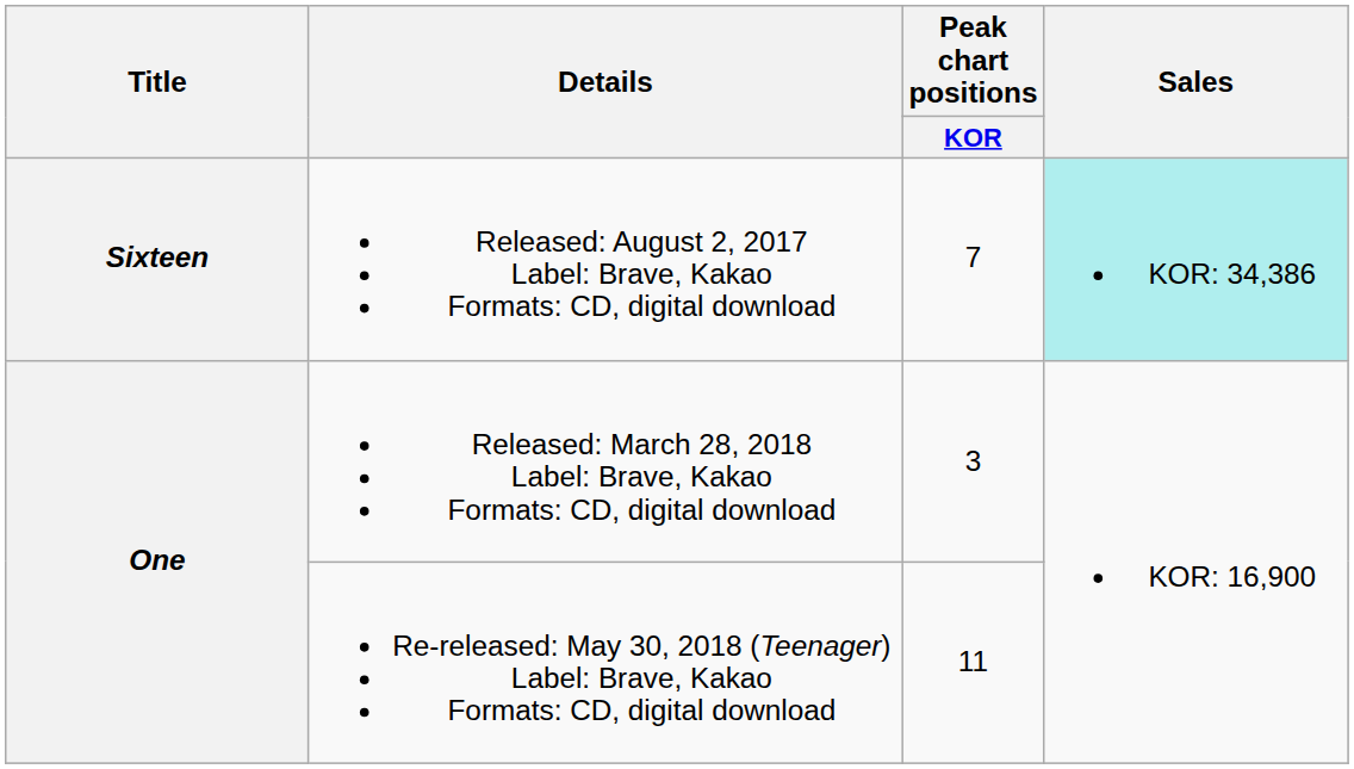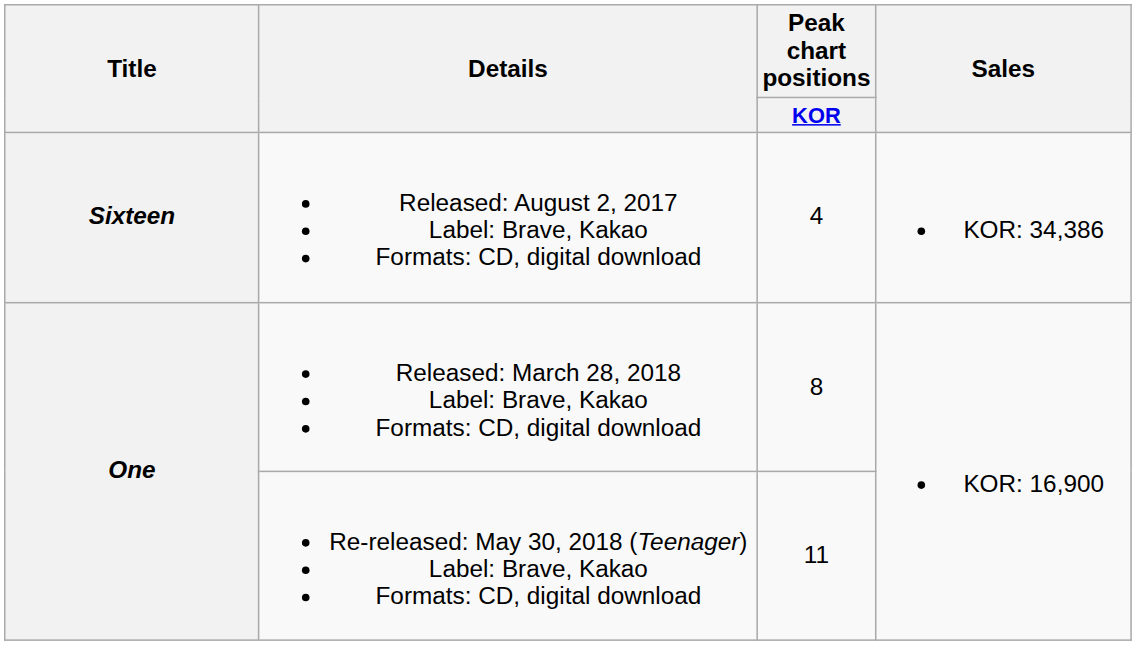 <table class="wikitable plainrowheaders" style="text-align:center">
 <tr>
 <th scope="col" rowspan="2" style="width:10em">Title</th>
 <th scope="col" rowspan="2" style="width:20em">Details</th>
 <th scope="col" colspan="1">Peak chart positions</th>
 <th scope="col" rowspan="2" style="width:10em">Sales</th>
 </tr>
 <tr>
 <th scope="col" style="width:3em;font-size:90%"><a href='#'>KOR</a><br></th>
 </tr>
 <tr>
 <th scope="row"><em>Sixteen</em></th>
 <td><br><ul><li>Released: August 2, 2017</li><li>Label: Brave, Kakao</li><li>Formats: CD, digital download</li></ul></td>
-<td>7</td>
-<td style="background: paleturquoise;"><br><ul><li>KOR: 34,386</li></ul></td>
+<td>4</td>
+<td><br><ul><li>KOR: 34,386</li></ul></td>
 </tr>
 <tr>
 <th scope="row" rowspan="2"><em>One</em></th>
 <td><br><ul><li>Released: March 28, 2018</li><li>Label: Brave, Kakao</li><li>Formats: CD, digital download</li></ul></td>
-<td>3</td>
+<td>8</td>
 <td rowspan="2"><br><ul><li>KOR: 16,900</li></ul></td>
 </tr>
 <tr>
 <td><br><ul><li>Re-released: May 30, 2018 (<em>Teenager</em>)</li><li>Label: Brave, Kakao</li><li>Formats: CD, digital download</li></ul></td>
 <td>11</td>
 </tr>
 </table>
